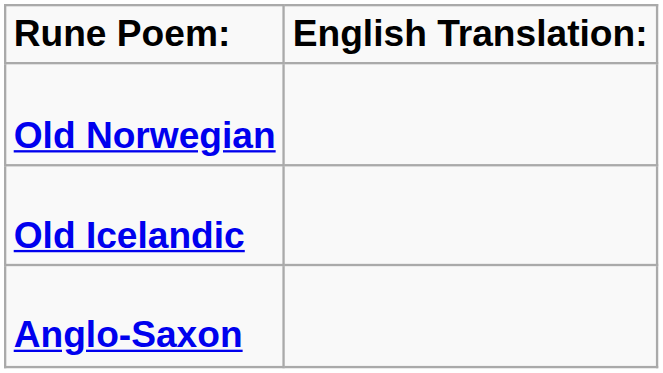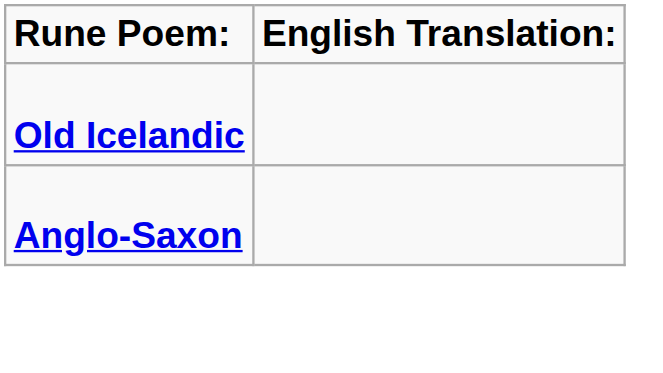 <table class="wikitable">
 <tr>
 <td><strong>Rune Poem:</strong></td>
 <td><strong>English Translation:</strong></td>
-</tr>
-<tr>
-<td><br><strong><a href='#'>Old Norwegian</a></strong> </td>
-<td><br></td>
 </tr>
 <tr>
 <td><br><strong><a href='#'>Old Icelandic</a></strong> </td>
 <td><br></td>
 </tr>
 <tr>
 <td><br><strong><a href='#'>Anglo-Saxon</a></strong> </td>
 <td><br></td>
 </tr>
 </table>
